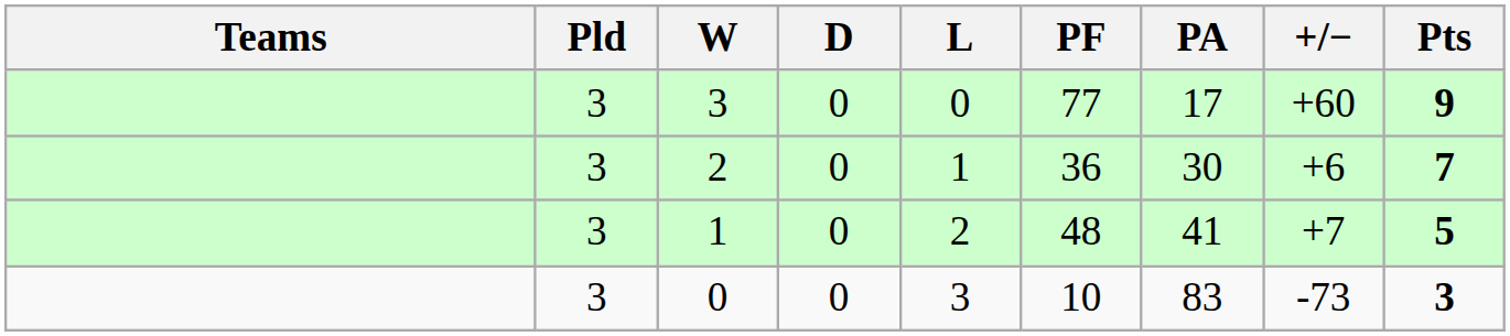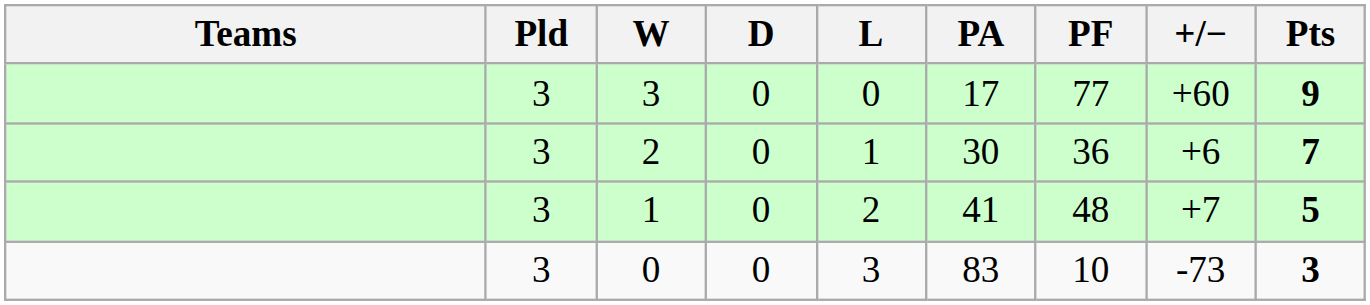 <table class="wikitable" style="text-align: center;">
 <tr>
 <th width="200">Teams</th>
 <th width="40">Pld</th>
 <th width="40">W</th>
 <th width="40">D</th>
 <th width="40">L</th>
+<th width="40">PA</th>
 <th width="40">PF</th>
-<th width="40">PA</th>
 <th width="40">+/−</th>
 <th width="40">Pts</th>
 </tr>
 <tr style="background:#cfc; width:20px;">
 <td align=left></td>
 <td>3</td>
 <td>3</td>
 <td>0</td>
 <td>0</td>
+<td>17</td>
 <td>77</td>
-<td>17</td>
 <td>+60</td>
 <td><strong>9</strong></td>
 </tr>
 <tr style="background:#cfc; width:20px;">
 <td align=left></td>
 <td>3</td>
 <td>2</td>
 <td>0</td>
 <td>1</td>
+<td>30</td>
 <td>36</td>
-<td>30</td>
 <td>+6</td>
 <td><strong>7</strong></td>
 </tr>
 <tr style="background:#cfc; width:20px;">
 <td align=left></td>
 <td>3</td>
 <td>1</td>
 <td>0</td>
 <td>2</td>
+<td>41</td>
 <td>48</td>
-<td>41</td>
 <td>+7</td>
 <td><strong>5</strong></td>
 </tr>
 <tr>
 <td align=left></td>
 <td>3</td>
 <td>0</td>
 <td>0</td>
 <td>3</td>
+<td>83</td>
 <td>10</td>
-<td>83</td>
 <td>-73</td>
 <td><strong>3</strong></td>
 </tr>
 </table>
